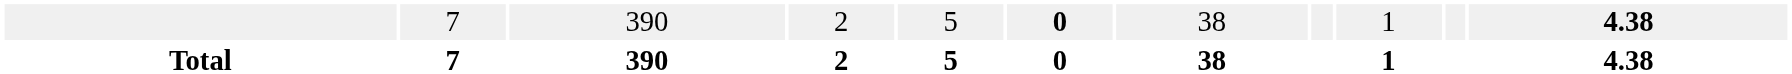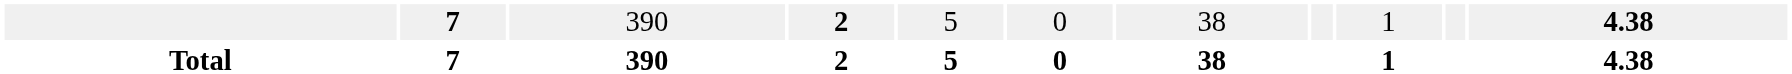 <table class="UMass Minutemen" width ="1000">
 <tr align="center">
 </tr>
 <tr align="center" bgcolor="f0f0f0">
 <td></td>
-<td>7</td>
+<td><strong>7</strong></td>
 <td>390</td>
-<td>2</td>
+<td><strong>2</strong></td>
 <td>5</td>
-<td><strong>0</strong></td>
+<td>0</td>
 <td>38</td>
 <td></td>
 <td>1</td>
 <td></td>
 <td><strong>4.38</strong></td>
 </tr>
 <tr>
 <th>Total</th>
 <th>7</th>
 <th>390</th>
 <th>2</th>
 <th>5</th>
 <th>0</th>
 <th>38</th>
 <th></th>
 <th>1</th>
 <th></th>
 <th><strong>4.38</strong></th>
 </tr>
 </table>
